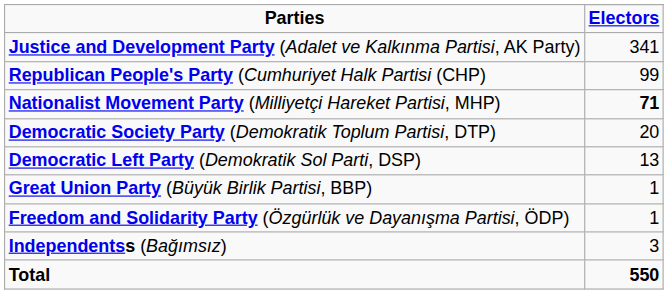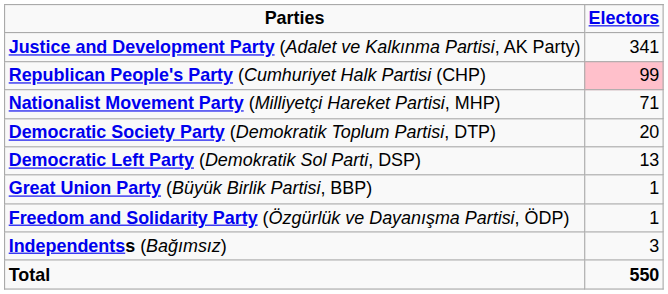 <table class="wikitable">
 <tr align=center>
 <td rowspan="2"><strong>Parties</strong></td>
 </tr>
 <tr>
 <td><strong><a href='#'>Electors</a></strong></td>
 </tr>
 <tr>
 <td><strong><a href='#'>Justice and Development Party</a></strong> (<em>Adalet ve Kalkınma Partisi</em>, AK Party)</td>
 <td align=right>341</td>
 </tr>
 <tr>
 <td><strong><a href='#'>Republican People's Party</a></strong> (<em>Cumhuriyet Halk Partisi</em> (CHP)</td>
-<td align=right>99</td>
+<td align=right style="background: pink;">99</td>
 </tr>
 <tr>
 <td><strong><a href='#'>Nationalist Movement Party</a></strong> (<em>Milliyetçi Hareket Partisi</em>, MHP)</td>
-<td align=right><strong>71</strong></td>
+<td align=right>71</td>
 </tr>
 <tr>
 <td><strong><a href='#'>Democratic Society Party</a></strong> (<em>Demokratik Toplum Partisi</em>, DTP)</td>
 <td align=right>20</td>
 </tr>
 <tr>
 <td><strong><a href='#'>Democratic Left Party</a></strong> (<em>Demokratik Sol Parti</em>, DSP)</td>
 <td align=right>13</td>
 </tr>
 <tr>
 <td><strong><a href='#'>Great Union Party</a></strong> (<em>Büyük Birlik Partisi</em>, BBP)</td>
 <td align=right>1</td>
 </tr>
 <tr>
 <td><strong><a href='#'>Freedom and Solidarity Party</a></strong> (<em>Özgürlük ve Dayanışma Partisi</em>, ÖDP)</td>
 <td align=right>1</td>
 </tr>
 <tr>
 <td><strong><a href='#'>Independents</a>s</strong> (<em>Bağımsız</em>)</td>
 <td align=right>3</td>
 </tr>
 <tr>
 <td><strong>Total</strong></td>
 <td align=right><strong>550</strong></td>
 </tr>
 </table>
